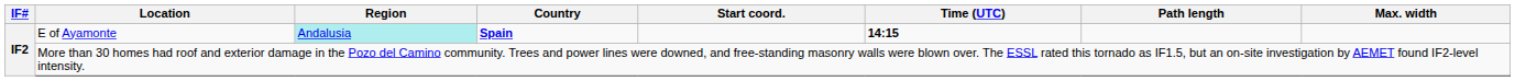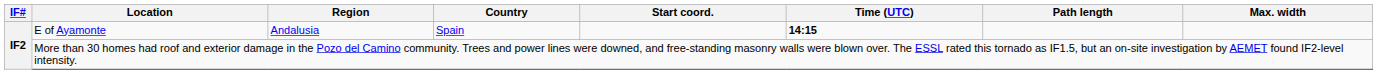 <table class="wikitable sortable" style="width:100%;">
 <tr>
 <th scope="col" width="2%" align="center"><a href='#'>IF#</a></th>
 <th scope="col" align="center" class="unsortable">Location</th>
 <th scope="col" align="center" class="unsortable">Region</th>
 <th scope="col" align="center">Country</th>
 <th scope="col" align="center">Start coord.</th>
 <th scope="col" align="center">Time (<a href='#'>UTC</a>)</th>
 <th scope="col" align="center">Path length</th>
 <th scope="col" align="center">Max. width</th>
 </tr>
 <tr>
 <th scope="row" rowspan="2" style="background-color:#">IF2</th>
 <td>E of <a href='#'>Ayamonte</a></td>
-<td style="background: paleturquoise;"><a href='#'>Andalusia</a></td>
-<td><strong><a href='#'>Spain</a></strong></td>
+<td><a href='#'>Andalusia</a></td>
+<td><a href='#'>Spain</a></td>
 <td></td>
 <td><strong>14:15</strong></td>
 <td></td>
 <td></td>
 </tr>
 <tr class="expand-child">
 <td colspan="8" style=" border-bottom: 1px solid black;">More than 30 homes had roof and exterior damage in the <a href='#'>Pozo del Camino</a> community. Trees and power lines were downed, and free-standing masonry walls were blown over. The <a href='#'>ESSL</a> rated this tornado as IF1.5, but an on-site investigation by <a href='#'>AEMET</a> found IF2-level intensity.</td>
 </tr>
 </table>
